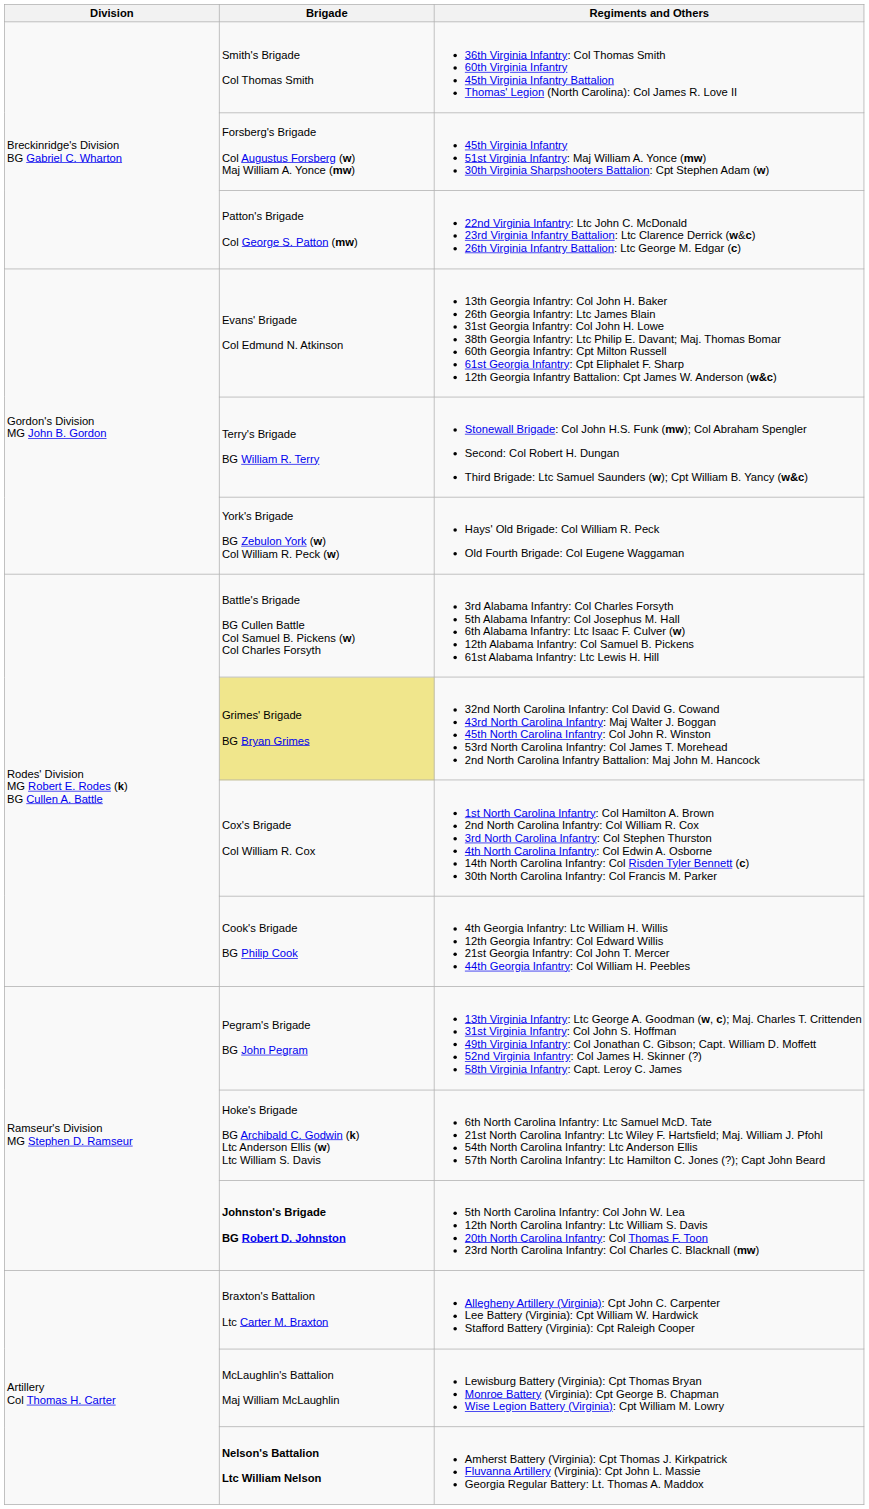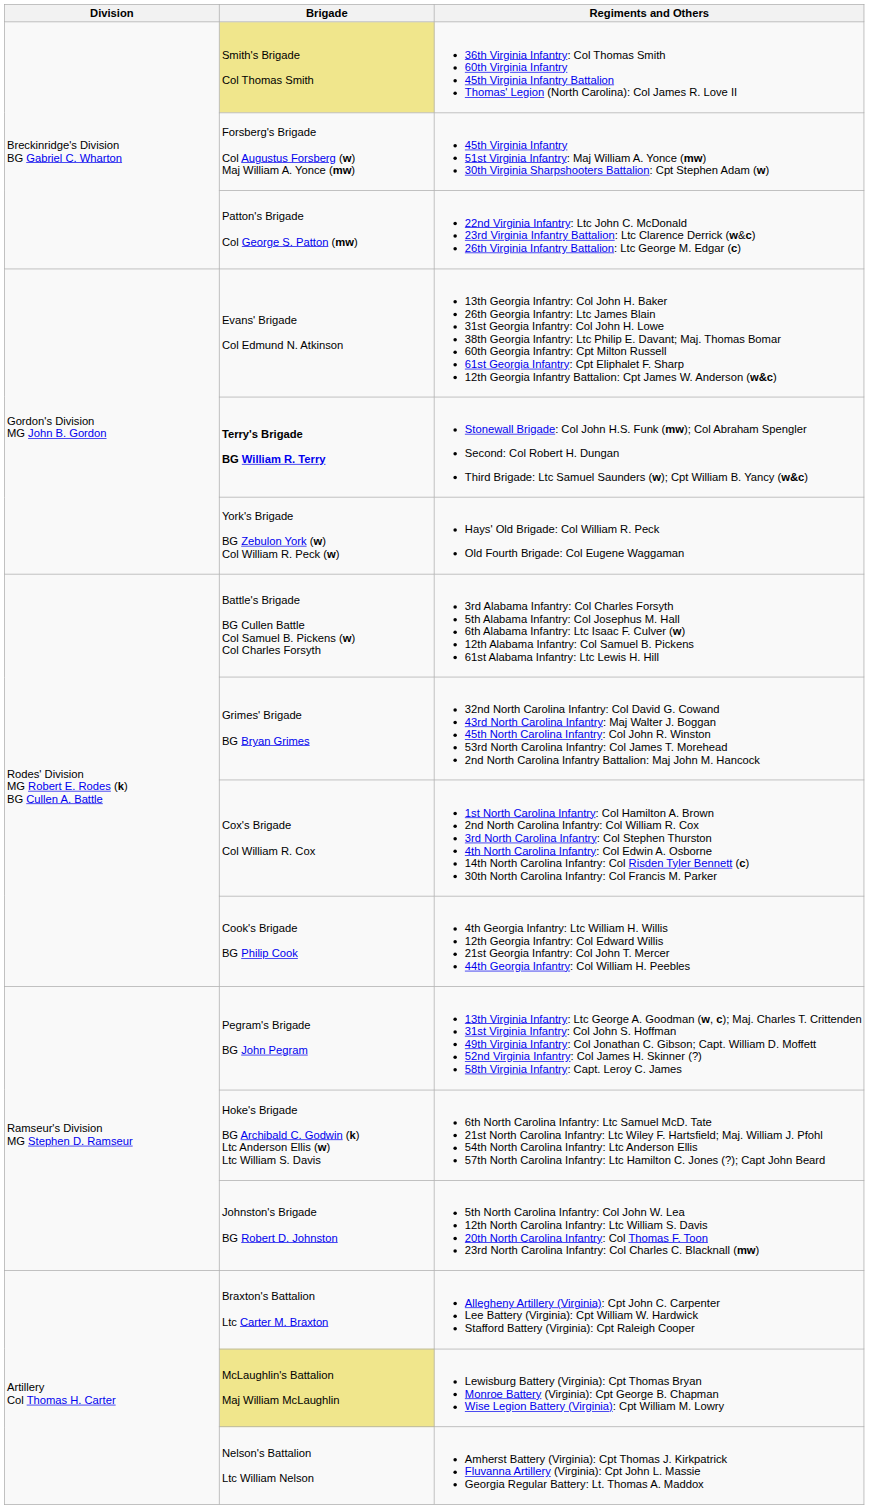 <table class="wikitable">
 <tr>
 <th style="width:25%;">Division</th>
 <th style="width:25%;">Brigade</th>
 <th>Regiments and Others</th>
 </tr>
 <tr>
 <td rowspan=3><br>Breckinridge's Division <br> BG <a href='#'>Gabriel C. Wharton</a></td>
-<td>Smith's Brigade<br><br> Col Thomas Smith</td>
+<td style="background: khaki;">Smith's Brigade<br><br> Col Thomas Smith</td>
 <td><br><ul><li><a href='#'>36th Virginia Infantry</a>: Col Thomas Smith</li><li><a href='#'>60th Virginia Infantry</a></li><li><a href='#'>45th Virginia Infantry Battalion</a></li><li><a href='#'>Thomas' Legion</a> (North Carolina): Col James R. Love II</li></ul></td>
 </tr>
 <tr>
 <td>Forsberg's Brigade<br><br> Col <a href='#'>Augustus Forsberg</a> (<strong>w</strong>) <br> Maj William A. Yonce (<strong>mw</strong>)</td>
 <td><br><ul><li><a href='#'>45th Virginia Infantry</a></li><li><a href='#'>51st Virginia Infantry</a>: Maj William A. Yonce (<strong>mw</strong>)</li><li><a href='#'>30th Virginia Sharpshooters Battalion</a>: Cpt Stephen Adam (<strong>w</strong>)</li></ul></td>
 </tr>
 <tr>
 <td>Patton's Brigade<br><br> Col <a href='#'>George S. Patton</a> (<strong>mw</strong>)</td>
 <td><br><ul><li><a href='#'>22nd Virginia Infantry</a>: Ltc John C. McDonald</li><li><a href='#'>23rd Virginia Infantry Battalion</a>: Ltc Clarence Derrick (<strong>w</strong>&<strong>c</strong>)</li><li><a href='#'>26th Virginia Infantry Battalion</a>: Ltc George M. Edgar (<strong>c</strong>)</li></ul></td>
 </tr>
 <tr>
 <td rowspan=3><br>Gordon's Division <br> MG <a href='#'>John B. Gordon</a></td>
 <td>Evans' Brigade<br><br> Col Edmund N. Atkinson</td>
 <td><br><ul><li>13th Georgia Infantry: Col John H. Baker</li><li>26th Georgia Infantry: Ltc James Blain</li><li>31st Georgia Infantry: Col John H. Lowe</li><li>38th Georgia Infantry: Ltc Philip E. Davant; Maj. Thomas Bomar</li><li>60th Georgia Infantry: Cpt Milton Russell</li><li><a href='#'>61st Georgia Infantry</a>: Cpt Eliphalet F. Sharp</li><li>12th Georgia Infantry Battalion: Cpt James W. Anderson (<strong>w&c</strong>)</li></ul></td>
 </tr>
 <tr>
-<td>Terry's Brigade<br><br> BG <a href='#'>William R. Terry</a></td>
+<td><strong>Terry's Brigade<br><br> BG <a href='#'>William R. Terry</a></strong></td>
 <td><br><ul><li><a href='#'>Stonewall Brigade</a>: Col John H.S. Funk (<strong>mw</strong>); Col Abraham Spengler</li></ul><ul><li>Second: Col Robert H. Dungan</li></ul><ul><li>Third Brigade: Ltc Samuel Saunders (<strong>w</strong>); Cpt William B. Yancy (<strong>w&c</strong>)</li></ul></td>
 </tr>
 <tr>
 <td>York's Brigade<br><br> BG <a href='#'>Zebulon York</a> (<strong>w</strong>) <br> Col William R. Peck (<strong>w</strong>)</td>
 <td><br><ul><li>Hays' Old Brigade: Col William R. Peck</li></ul><ul><li>Old Fourth Brigade: Col Eugene Waggaman</li></ul></td>
 </tr>
 <tr>
 <td rowspan=4><br>Rodes' Division <br> MG <a href='#'>Robert E. Rodes</a> (<strong>k</strong>) <br> BG <a href='#'>Cullen A. Battle</a></td>
 <td>Battle's Brigade<br><br> BG Cullen Battle <br> Col Samuel B. Pickens (<strong>w</strong>) <br> Col Charles Forsyth</td>
 <td><br><ul><li>3rd Alabama Infantry: Col Charles Forsyth</li><li>5th Alabama Infantry: Col Josephus M. Hall</li><li>6th Alabama Infantry: Ltc Isaac F. Culver (<strong>w</strong>)</li><li>12th Alabama Infantry: Col Samuel B. Pickens</li><li>61st Alabama Infantry: Ltc Lewis H. Hill</li></ul></td>
 </tr>
 <tr>
-<td style="background: khaki;">Grimes' Brigade<br><br> BG <a href='#'>Bryan Grimes</a></td>
+<td>Grimes' Brigade<br><br> BG <a href='#'>Bryan Grimes</a></td>
 <td><br><ul><li>32nd North Carolina Infantry: Col David G. Cowand</li><li><a href='#'>43rd North Carolina Infantry</a>: Maj Walter J. Boggan</li><li><a href='#'>45th North Carolina Infantry</a>: Col John R. Winston</li><li>53rd North Carolina Infantry: Col James T. Morehead</li><li>2nd North Carolina Infantry Battalion: Maj John M. Hancock</li></ul></td>
 </tr>
 <tr>
 <td>Cox's Brigade<br><br> Col William R. Cox</td>
 <td><br><ul><li><a href='#'>1st North Carolina Infantry</a>: Col Hamilton A. Brown</li><li>2nd North Carolina Infantry: Col William R. Cox</li><li><a href='#'>3rd North Carolina Infantry</a>: Col Stephen Thurston</li><li><a href='#'>4th North Carolina Infantry</a>: Col Edwin A. Osborne</li><li>14th North Carolina Infantry: Col <a href='#'>Risden Tyler Bennett</a> (<strong>c</strong>)</li><li>30th North Carolina Infantry: Col Francis M. Parker</li></ul></td>
 </tr>
 <tr>
 <td>Cook's Brigade<br><br> BG <a href='#'>Philip Cook</a></td>
 <td><br><ul><li>4th Georgia Infantry: Ltc William H. Willis</li><li>12th Georgia Infantry: Col Edward Willis</li><li>21st Georgia Infantry: Col John T. Mercer</li><li><a href='#'>44th Georgia Infantry</a>: Col William H. Peebles</li></ul></td>
 </tr>
 <tr>
 <td rowspan=3><br>Ramseur's Division <br> MG <a href='#'>Stephen D. Ramseur</a></td>
 <td>Pegram's Brigade<br><br> BG <a href='#'>John Pegram</a></td>
 <td><br><ul><li><a href='#'>13th Virginia Infantry</a>: Ltc George A. Goodman (<strong>w</strong>, <strong>c</strong>); Maj. Charles T. Crittenden</li><li><a href='#'>31st Virginia Infantry</a>: Col John S. Hoffman</li><li><a href='#'>49th Virginia Infantry</a>: Col Jonathan C. Gibson; Capt. William D. Moffett</li><li><a href='#'>52nd Virginia Infantry</a>: Col James H. Skinner (?)</li><li><a href='#'>58th Virginia Infantry</a>: Capt. Leroy C. James</li></ul></td>
 </tr>
 <tr>
 <td>Hoke's Brigade<br><br> BG <a href='#'>Archibald C. Godwin</a> (<strong>k</strong>) <br> Ltc Anderson Ellis (<strong>w</strong>) <br> Ltc William S. Davis</td>
 <td><br><ul><li>6th North Carolina Infantry: Ltc Samuel McD. Tate</li><li>21st North Carolina Infantry: Ltc Wiley F. Hartsfield; Maj. William J. Pfohl</li><li>54th North Carolina Infantry: Ltc Anderson Ellis</li><li>57th North Carolina Infantry: Ltc Hamilton C. Jones (?); Capt John Beard</li></ul></td>
 </tr>
 <tr>
-<td><strong>Johnston's Brigade<br><br> BG <a href='#'>Robert D. Johnston</a></strong></td>
+<td>Johnston's Brigade<br><br> BG <a href='#'>Robert D. Johnston</a></td>
 <td><br><ul><li>5th North Carolina Infantry: Col John W. Lea</li><li>12th North Carolina Infantry: Ltc William S. Davis</li><li><a href='#'>20th North Carolina Infantry</a>: Col <a href='#'>Thomas F. Toon</a></li><li>23rd North Carolina Infantry: Col Charles C. Blacknall (<strong>mw</strong>)</li></ul></td>
 </tr>
 <tr>
 <td rowspan=3><br>Artillery <br> Col <a href='#'>Thomas H. Carter</a></td>
 <td>Braxton's Battalion<br><br> Ltc <a href='#'>Carter M. Braxton</a></td>
 <td><br><ul><li><a href='#'>Allegheny Artillery (Virginia)</a>: Cpt John C. Carpenter</li><li>Lee Battery (Virginia): Cpt William W. Hardwick</li><li>Stafford Battery (Virginia): Cpt Raleigh Cooper</li></ul></td>
 </tr>
 <tr>
-<td>McLaughlin's Battalion<br><br> Maj William McLaughlin</td>
+<td style="background: khaki;">McLaughlin's Battalion<br><br> Maj William McLaughlin</td>
 <td><br><ul><li>Lewisburg Battery (Virginia): Cpt Thomas Bryan</li><li><a href='#'>Monroe Battery</a> (Virginia): Cpt George B. Chapman</li><li><a href='#'>Wise Legion Battery (Virginia)</a>: Cpt William M. Lowry</li></ul></td>
 </tr>
 <tr>
-<td><strong>Nelson's Battalion<br><br> Ltc William Nelson</strong></td>
+<td>Nelson's Battalion<br><br> Ltc William Nelson</td>
 <td><br><ul><li>Amherst Battery (Virginia): Cpt Thomas J. Kirkpatrick</li><li><a href='#'>Fluvanna Artillery</a> (Virginia): Cpt John L. Massie</li><li>Georgia Regular Battery: Lt. Thomas A. Maddox</li></ul></td>
 </tr>
 </table>
